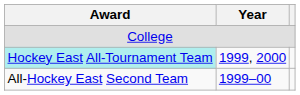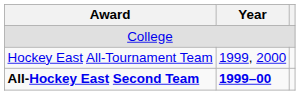 <table class="wikitable">
 <tr>
 <th>Award</th>
 <th>Year</th>
 <th></th>
 </tr>
 <tr ALIGN="center" bgcolor="#e0e0e0">
 <td colspan="3"><a href='#'>College</a></td>
 </tr>
 <tr>
-<td style="background: paleturquoise;"><a href='#'>Hockey East</a> <a href='#'>All-Tournament Team</a></td>
+<td><a href='#'>Hockey East</a> <a href='#'>All-Tournament Team</a></td>
 <td><a href='#'>1999</a>, <a href='#'>2000</a></td>
 <td></td>
 </tr>
 <tr>
-<td>All-<a href='#'>Hockey East</a> <a href='#'>Second Team</a></td>
-<td><a href='#'>1999–00</a></td>
+<td><strong>All-<a href='#'>Hockey East</a> <a href='#'>Second Team</a></strong></td>
+<td><strong><a href='#'>1999–00</a></strong></td>
 <td></td>
 </tr>
 </table>
